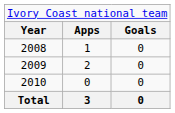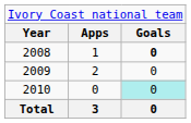 <table class="wikitable" style="text-align:center">
 <tr>
 <td colspan="3"><a href='#'>Ivory Coast national team</a></td>
 </tr>
 <tr>
 <th>Year</th>
 <th>Apps</th>
 <th>Goals</th>
 </tr>
 <tr>
 <td>2008</td>
 <td>1</td>
-<td>0</td>
+<td><strong>0</strong></td>
 </tr>
 <tr>
 <td>2009</td>
 <td>2</td>
 <td>0</td>
 </tr>
 <tr>
 <td>2010</td>
 <td>0</td>
-<td>0</td>
+<td style="background: paleturquoise;">0</td>
 </tr>
 <tr>
 <th>Total</th>
 <th>3</th>
 <th>0</th>
 </tr>
 </table>
